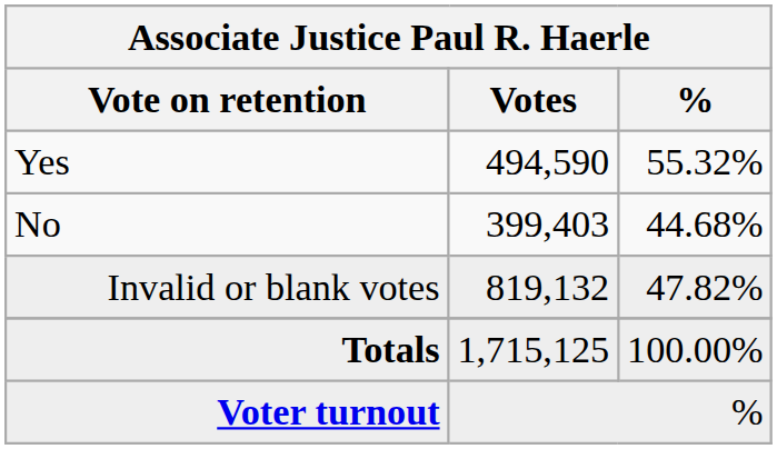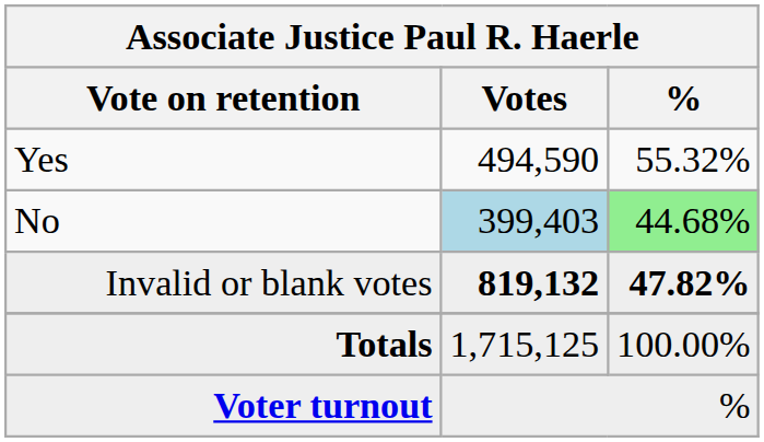 <table class="wikitable" style="font-size: 95%;">
 <tr style="background-color:#E9E9E9">
 <th colspan=7>Associate Justice Paul R. Haerle</th>
 </tr>
 <tr style="background-color:#E9E9E9">
 <th style="width: 170px">Vote on retention</th>
 <th style="width: 50px">Votes</th>
 <th style="width: 40px">%</th>
 </tr>
 <tr>
 <td>Yes</td>
 <td align="right">494,590</td>
 <td align="right">55.32%</td>
 </tr>
 <tr>
 <td>No</td>
-<td align="right">399,403</td>
-<td align="right">44.68%</td>
+<td align="right" style="background: lightblue;">399,403</td>
+<td align="right" style="background: lightgreen;">44.68%</td>
 </tr>
 <tr style="background-color:#EEEEEE">
 <td align="right">Invalid or blank votes</td>
-<td align="right">819,132</td>
-<td align="right">47.82%</td>
+<td align="right"><strong>819,132</strong></td>
+<td align="right"><strong>47.82%</strong></td>
 </tr>
 <tr>
 </tr>
 <tr style="background-color:#EEEEEE">
 <td colspan="1" align="right"><strong>Totals</strong></td>
 <td align="right">1,715,125</td>
 <td align="right">100.00%</td>
 </tr>
 <tr style="background-color:#EEEEEE">
 <td align="right"><strong><a href='#'>Voter turnout</a></strong></td>
 <td colspan="2" align="right">%</td>
 </tr>
 </table>
